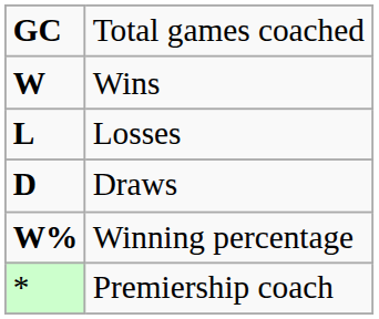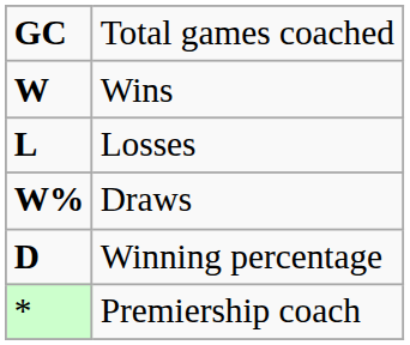 <table class="wikitable">
 <tr>
 <td><strong>GC</strong></td>
 <td>Total games coached</td>
 </tr>
 <tr>
 <td><strong>W</strong></td>
 <td>Wins</td>
 </tr>
 <tr>
 <td><strong>L</strong></td>
 <td>Losses</td>
 </tr>
 <tr>
-<td><strong>D</strong></td>
+<td><strong>W%</strong></td>
 <td>Draws</td>
 </tr>
 <tr>
-<td><strong>W%</strong></td>
+<td><strong>D</strong></td>
 <td>Winning percentage</td>
 </tr>
 <tr>
 <td style="background-color:#ccffcc">*</td>
 <td colspan=3>Premiership coach</td>
 </tr>
 </table>
